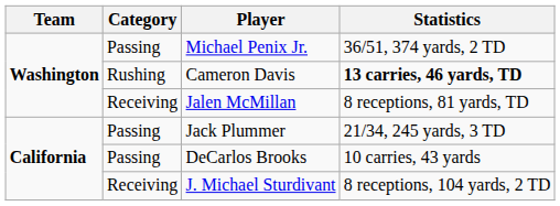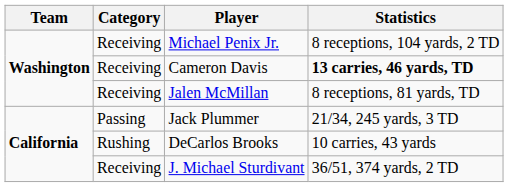 <table class="wikitable" style="float: right;">
 <tr>
 <th>Team</th>
 <th>Category</th>
 <th>Player</th>
 <th>Statistics</th>
 </tr>
 <tr>
 <td rowspan=3><strong>Washington</strong></td>
-<td>Passing</td>
+<td>Receiving</td>
 <td><a href='#'>Michael Penix Jr.</a></td>
-<td>36/51, 374 yards, 2 TD</td>
+<td>8 receptions, 104 yards, 2 TD</td>
 </tr>
 <tr>
-<td>Rushing</td>
+<td>Receiving</td>
 <td>Cameron Davis</td>
 <td><strong>13 carries, 46 yards, TD</strong></td>
 </tr>
 <tr>
 <td>Receiving</td>
 <td><a href='#'>Jalen McMillan</a></td>
 <td>8 receptions, 81 yards, TD</td>
 </tr>
 <tr>
 <td rowspan=3><strong>California</strong></td>
 <td>Passing</td>
 <td>Jack Plummer</td>
 <td>21/34, 245 yards, 3 TD</td>
 </tr>
 <tr>
-<td>Passing</td>
+<td>Rushing</td>
 <td>DeCarlos Brooks</td>
 <td>10 carries, 43 yards</td>
 </tr>
 <tr>
 <td>Receiving</td>
 <td><a href='#'>J. Michael Sturdivant</a></td>
-<td>8 receptions, 104 yards, 2 TD</td>
+<td>36/51, 374 yards, 2 TD</td>
 </tr>
 </table>
